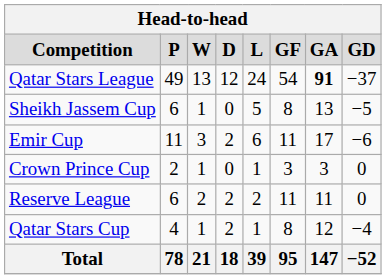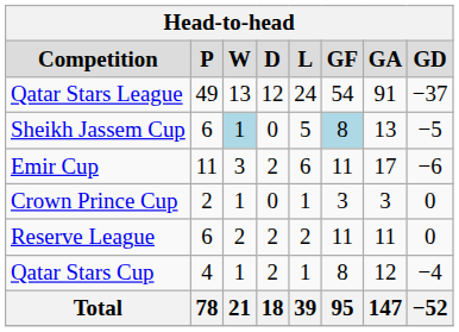 <table class="wikitable sortable" style="text-align:center">
 <tr>
 <th colspan=10>Head-to-head</th>
 </tr>
 <tr>
 <th style="background:#DCDCDC">Competition</th>
 <th style="background:#DCDCDC">P</th>
 <th style="background:#DCDCDC">W</th>
 <th style="background:#DCDCDC">D</th>
 <th style="background:#DCDCDC">L</th>
 <th style="background:#DCDCDC">GF</th>
 <th style="background:#DCDCDC">GA</th>
 <th style="background:#DCDCDC">GD</th>
 </tr>
 <tr>
 <td align=left><a href='#'>Qatar Stars League</a></td>
 <td>49</td>
 <td>13</td>
 <td>12</td>
 <td>24</td>
 <td>54</td>
-<td><strong>91</strong></td>
+<td>91</td>
 <td>−37</td>
 </tr>
 <tr>
 <td align=left><a href='#'>Sheikh Jassem Cup</a></td>
 <td>6</td>
-<td>1</td>
+<td style="background: lightblue;">1</td>
 <td>0</td>
 <td>5</td>
-<td>8</td>
+<td style="background: lightblue;">8</td>
 <td>13</td>
 <td>−5</td>
 </tr>
 <tr>
 <td align=left><a href='#'>Emir Cup</a></td>
 <td>11</td>
 <td>3</td>
 <td>2</td>
 <td>6</td>
 <td>11</td>
 <td>17</td>
 <td>−6</td>
 </tr>
 <tr>
 <td align=left><a href='#'>Crown Prince Cup</a></td>
 <td>2</td>
 <td>1</td>
 <td>0</td>
 <td>1</td>
 <td>3</td>
 <td>3</td>
 <td>0</td>
 </tr>
 <tr>
 <td align=left><a href='#'>Reserve League</a></td>
 <td>6</td>
 <td>2</td>
 <td>2</td>
 <td>2</td>
 <td>11</td>
 <td>11</td>
 <td>0</td>
 </tr>
 <tr>
 <td align=left><a href='#'>Qatar Stars Cup</a></td>
 <td>4</td>
 <td>1</td>
 <td>2</td>
 <td>1</td>
 <td>8</td>
 <td>12</td>
 <td>−4</td>
 </tr>
 <tr>
 <th colspan="1">Total</th>
 <th>78</th>
 <th>21</th>
 <th>18</th>
 <th>39</th>
 <th>95</th>
 <th>147</th>
 <th>−52</th>
 </tr>
 <tr>
 </tr>
 </table>
